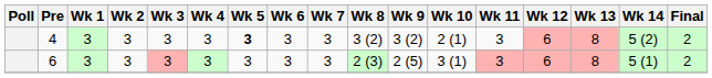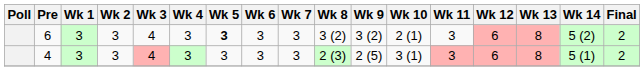 <table class="wikitable" style="white-space:nowrap;">
 <tr>
 <th>Poll</th>
 <th>Pre</th>
 <th>Wk 1</th>
 <th>Wk 2</th>
 <th>Wk 3</th>
 <th>Wk 4</th>
 <th>Wk 5</th>
 <th>Wk 6</th>
 <th>Wk 7</th>
 <th>Wk 8</th>
 <th>Wk 9</th>
 <th>Wk 10</th>
 <th>Wk 11</th>
 <th>Wk 12</th>
 <th>Wk 13</th>
 <th>Wk 14</th>
 <th>Final</th>
 </tr>
 <tr style="text-align:center;">
 <th></th>
-<td style="background:#;">4</td>
+<td style="background:#;">6</td>
 <td style="background:#CCFFCC;">3</td>
 <td style="background:#;">3</td>
-<td style="background:#;">3</td>
+<td style="background:#;">4</td>
 <td style="background:#;">3</td>
 <td style="background:#;"><strong>3</strong></td>
 <td style="background:#;">3</td>
 <td style="background:#;">3</td>
 <td style="background:#;">3 (2)</td>
 <td style="background:#;">3 (2)</td>
 <td style="background:#;">2 (1)</td>
 <td style="background:#;">3</td>
 <td style="background:#FFB2B2;">6</td>
 <td style="background:#FFB2B2;">8</td>
 <td style="background:#CCFFCC;">5 (2)</td>
 <td style="background:#CCFFCC;">2</td>
 </tr>
 <tr style="text-align:center;">
 <th></th>
-<td style="background:#;">6</td>
+<td style="background:#;">4</td>
 <td style="background:#CCFFCC;">3</td>
 <td style="background:#;">3</td>
-<td style="background:#FFB2B2;">3</td>
+<td style="background:#FFB2B2;">4</td>
 <td style="background:#CCFFCC;">3</td>
 <td style="background:#;">3</td>
 <td style="background:#;">3</td>
 <td style="background:#;">3</td>
 <td style="background:#CCFFCC;">2 (3)</td>
 <td style="background:#;">2 (5)</td>
 <td style="background:#;">3 (1)</td>
 <td style="background:#FFB2B2;">3</td>
 <td style="background:#FFB2B2;">6</td>
 <td style="background:#FFB2B2;">8</td>
 <td style="background:#CCFFCC;">5 (1)</td>
 <td style="background:#CCFFCC;">2</td>
 </tr>
 <tr style="background:#f9f9f9;">
 </tr>
 </table>
